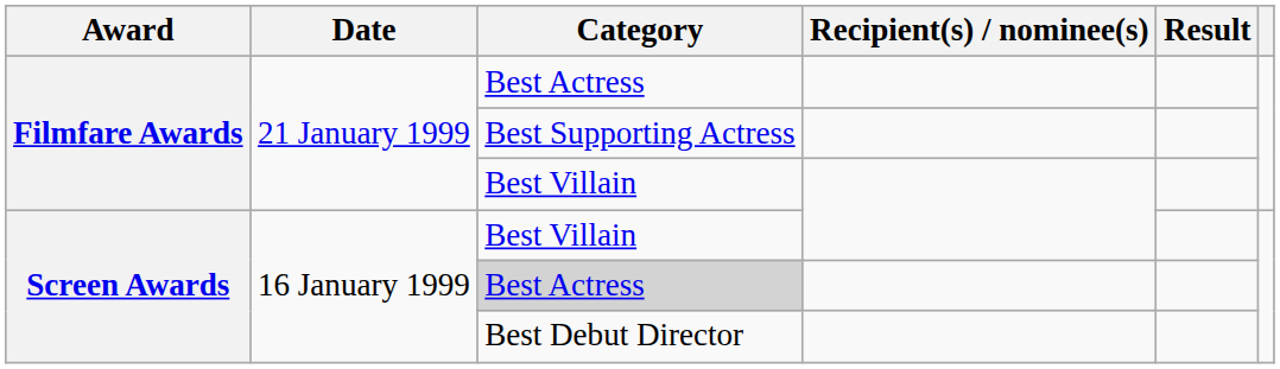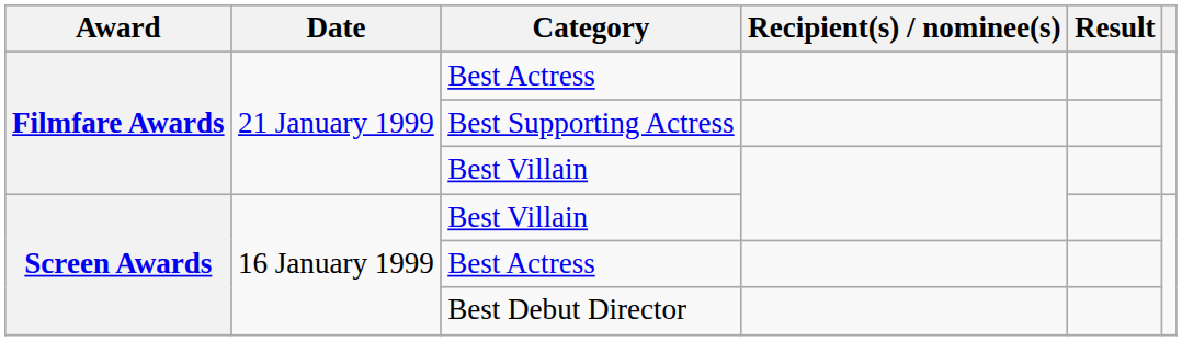 <table class="wikitable plainrowheaders sortable">
 <tr>
 <th scope="col">Award</th>
 <th scope="col">Date</th>
 <th scope="col">Category</th>
 <th scope="col">Recipient(s) / nominee(s)</th>
 <th scope="col">Result</th>
 <th scope="col" class="unsortable"></th>
 </tr>
 <tr>
 <th scope="row" rowspan="3"><a href='#'>Filmfare Awards</a></th>
 <td rowspan="3"><a href='#'>21 January 1999</a></td>
 <td><a href='#'>Best Actress</a></td>
 <td></td>
 <td></td>
 <td style="text-align:center;" rowspan="3"></td>
 </tr>
 <tr>
 <td><a href='#'>Best Supporting Actress</a></td>
 <td></td>
 <td></td>
 </tr>
 <tr>
 <td><a href='#'>Best Villain</a></td>
 <td rowspan="2"></td>
 <td></td>
 </tr>
 <tr>
 <th scope="row" rowspan="3"><a href='#'>Screen Awards</a></th>
 <td rowspan="3">16 January 1999</td>
 <td><a href='#'>Best Villain</a></td>
 <td></td>
 <td style="text-align:center;" rowspan="3"><br><br></td>
 </tr>
 <tr>
-<td style="background: lightgrey;"><a href='#'>Best Actress</a></td>
+<td><a href='#'>Best Actress</a></td>
 <td></td>
 <td></td>
 </tr>
 <tr>
 <td>Best Debut Director</td>
 <td></td>
 <td></td>
 </tr>
 </table>
